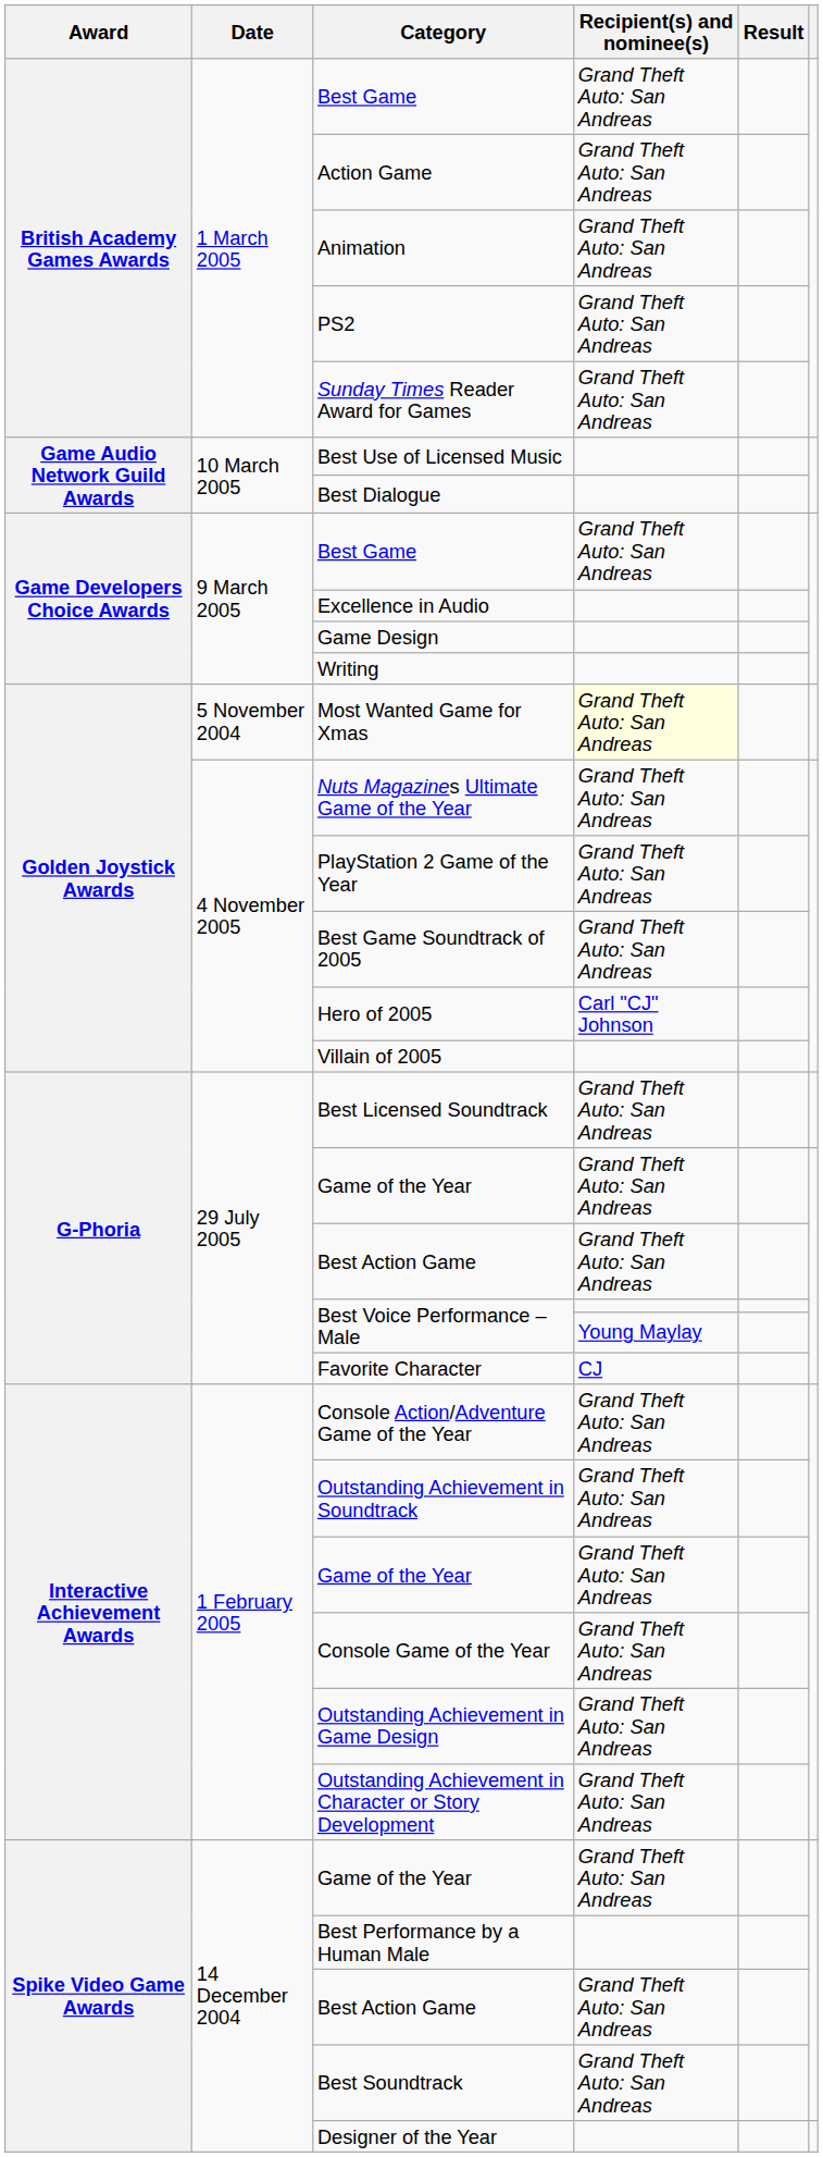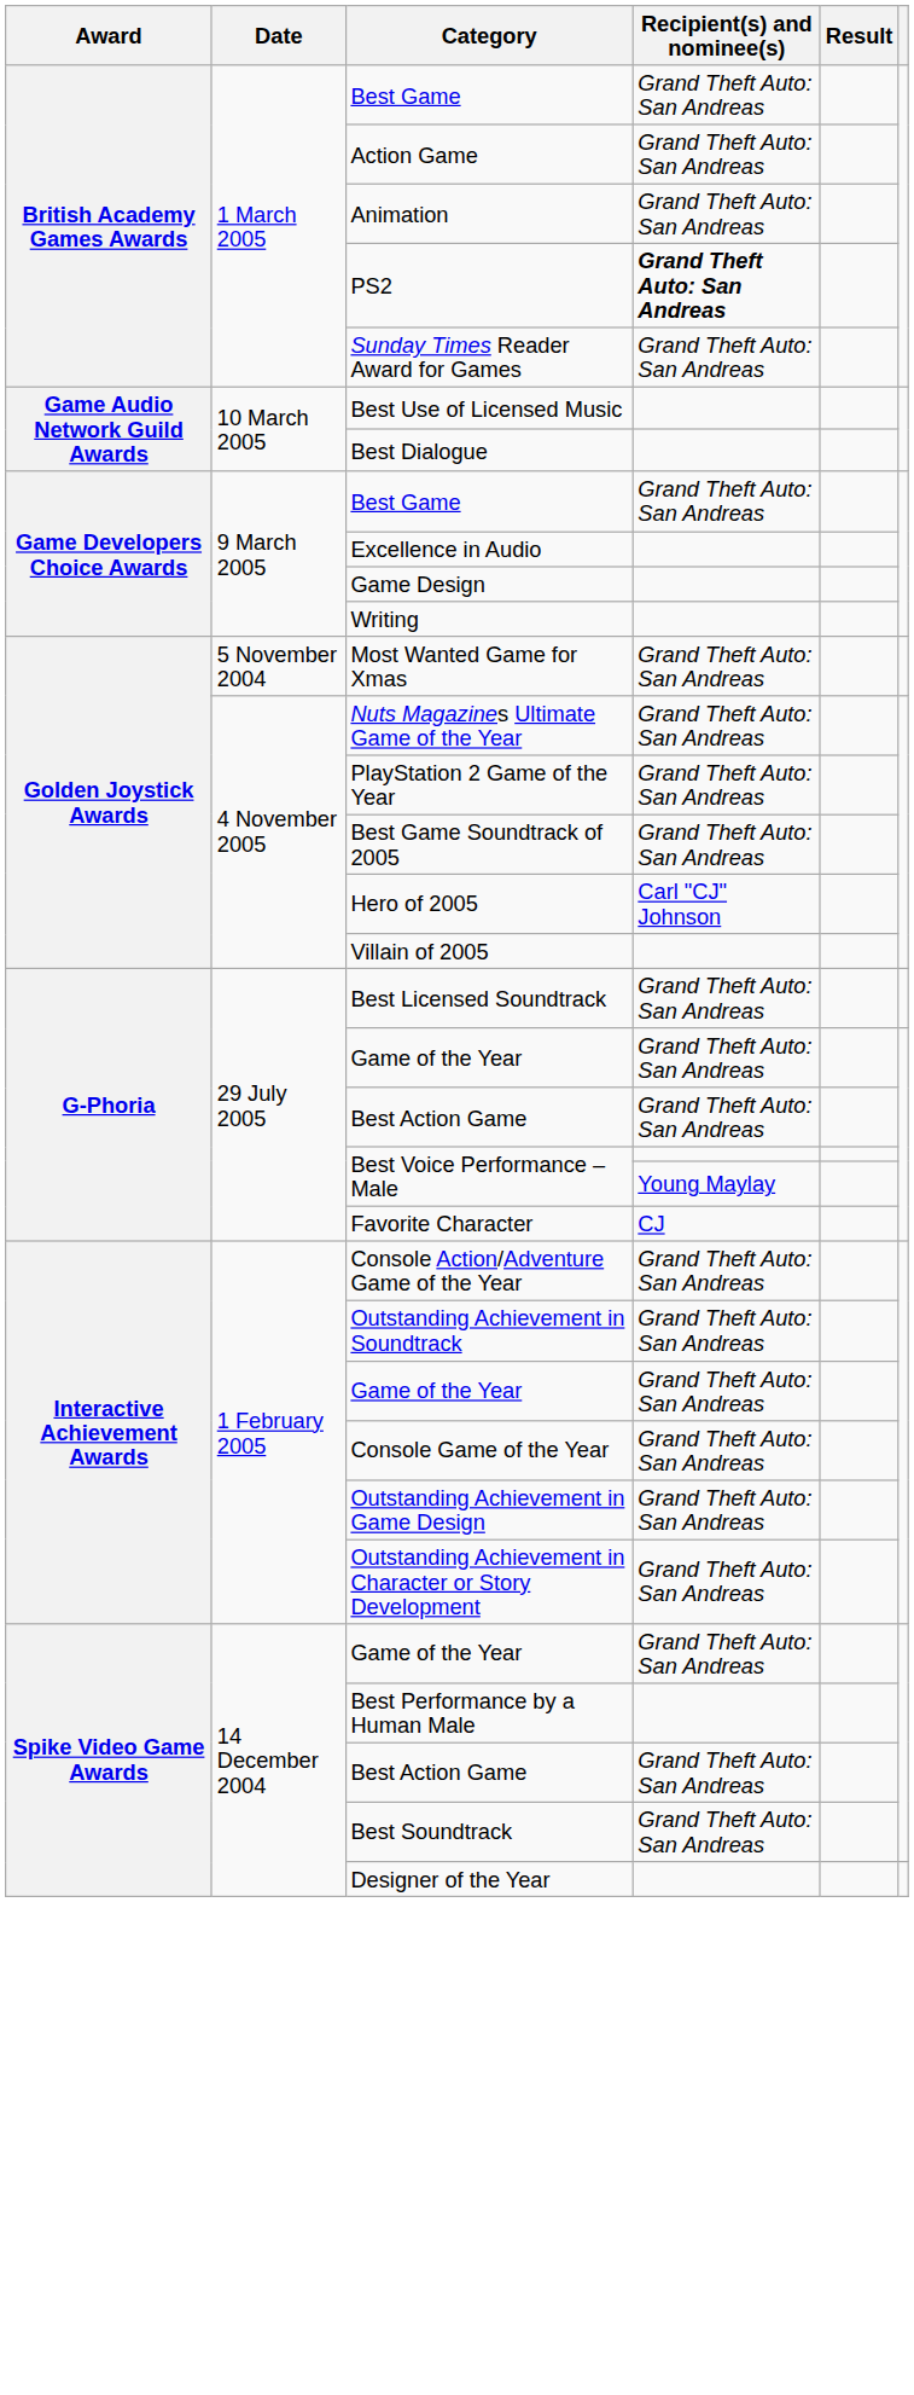 <table class="wikitable plainrowheaders sortable" style="font-size: 95%; width: 100%;">
 <tr>
 <th scope="col">Award</th>
 <th scope="col">Date</th>
 <th scope="col">Category</th>
 <th scope="col">Recipient(s) and nominee(s)</th>
 <th scope="col">Result</th>
 <th scope="col" class="unsortable"></th>
 </tr>
 <tr>
 <th scope="row" rowspan="5"><a href='#'>British Academy Games Awards</a></th>
 <td rowspan="5"><a href='#'>1 March 2005</a></td>
 <td><a href='#'>Best Game</a></td>
 <td><em>Grand Theft Auto: San Andreas</em></td>
 <td></td>
 <td style="text-align:center;" rowspan="5"></td>
 </tr>
 <tr>
 <td>Action Game</td>
 <td><em>Grand Theft Auto: San Andreas</em></td>
 <td></td>
 </tr>
 <tr>
 <td>Animation</td>
 <td><em>Grand Theft Auto: San Andreas</em></td>
 <td></td>
 </tr>
 <tr>
 <td>PS2</td>
-<td><em>Grand Theft Auto: San Andreas</em></td>
+<td><strong><em>Grand Theft Auto: San Andreas</em></strong></td>
 <td></td>
 </tr>
 <tr>
 <td><em><a href='#'>Sunday Times</a></em> Reader Award for Games</td>
 <td><em>Grand Theft Auto: San Andreas</em></td>
 <td></td>
 </tr>
 <tr>
 <th scope="row" rowspan="2"><a href='#'>Game Audio Network Guild Awards</a></th>
 <td rowspan="2">10 March 2005</td>
 <td>Best Use of Licensed Music</td>
 <td></td>
 <td></td>
 <td style="text-align:center;" rowspan="2"></td>
 </tr>
 <tr>
 <td>Best Dialogue</td>
 <td></td>
 <td></td>
 </tr>
 <tr>
 <th scope="row" rowspan="4"><a href='#'>Game Developers Choice Awards</a></th>
 <td rowspan="4">9 March 2005</td>
 <td><a href='#'>Best Game</a></td>
 <td><em>Grand Theft Auto: San Andreas</em></td>
 <td></td>
 <td style="text-align:center;" rowspan="4"></td>
 </tr>
 <tr>
 <td>Excellence in Audio</td>
 <td></td>
 <td></td>
 </tr>
 <tr>
 <td>Game Design</td>
 <td></td>
 <td></td>
 </tr>
 <tr>
 <td>Writing</td>
 <td></td>
 <td></td>
 </tr>
 <tr>
 <th scope="row" rowspan="6"><a href='#'>Golden Joystick Awards</a></th>
 <td>5 November 2004</td>
 <td>Most Wanted Game for Xmas</td>
-<td style="background: lightyellow;"><em>Grand Theft Auto: San Andreas</em></td>
+<td><em>Grand Theft Auto: San Andreas</em></td>
 <td></td>
 <td style="text-align:center;"></td>
 </tr>
 <tr>
 <td rowspan="5">4 November 2005</td>
 <td><em><a href='#'>Nuts Magazine</a></em>s <a href='#'>Ultimate Game of the Year</a></td>
 <td><em>Grand Theft Auto: San Andreas</em></td>
 <td></td>
 <td style="text-align:center;" rowspan="5"></td>
 </tr>
 <tr>
 <td>PlayStation 2 Game of the Year</td>
 <td><em>Grand Theft Auto: San Andreas</em></td>
 <td></td>
 </tr>
 <tr>
 <td>Best Game Soundtrack of 2005</td>
 <td><em>Grand Theft Auto: San Andreas</em></td>
 <td></td>
 </tr>
 <tr>
 <td>Hero of 2005</td>
 <td><a href='#'>Carl "CJ" Johnson</a></td>
 <td></td>
 </tr>
 <tr>
 <td>Villain of 2005</td>
 <td></td>
 <td></td>
 </tr>
 <tr>
 <th scope="row" rowspan="6"><a href='#'>G-Phoria</a></th>
 <td rowspan="6">29 July 2005</td>
 <td>Best Licensed Soundtrack</td>
 <td><em>Grand Theft Auto: San Andreas</em></td>
 <td></td>
 <td style="text-align:center;"></td>
 </tr>
 <tr>
 <td>Game of the Year</td>
 <td><em>Grand Theft Auto: San Andreas</em></td>
 <td></td>
 <td style="text-align:center;" rowspan="5"></td>
 </tr>
 <tr>
 <td>Best Action Game</td>
 <td><em>Grand Theft Auto: San Andreas</em></td>
 <td></td>
 </tr>
 <tr>
 <td rowspan="2">Best Voice Performance – Male</td>
 <td></td>
 <td></td>
 </tr>
 <tr>
 <td><a href='#'>Young Maylay</a></td>
 <td></td>
 </tr>
 <tr>
 <td>Favorite Character</td>
 <td><a href='#'>CJ</a></td>
 <td></td>
 </tr>
 <tr>
 <th scope="row" rowspan="6"><a href='#'>Interactive Achievement Awards</a></th>
 <td rowspan="6"><a href='#'>1 February 2005</a></td>
 <td>Console <a href='#'>Action</a>/<a href='#'>Adventure</a> Game of the Year</td>
 <td><em>Grand Theft Auto: San Andreas</em></td>
 <td></td>
 <td style="text-align:center;" rowspan="6"></td>
 </tr>
 <tr>
 <td><a href='#'>Outstanding Achievement in Soundtrack</a></td>
 <td><em>Grand Theft Auto: San Andreas</em></td>
 <td></td>
 </tr>
 <tr>
 <td><a href='#'>Game of the Year</a></td>
 <td><em>Grand Theft Auto: San Andreas</em></td>
 <td></td>
 </tr>
 <tr>
 <td>Console Game of the Year</td>
 <td><em>Grand Theft Auto: San Andreas</em></td>
 <td></td>
 </tr>
 <tr>
 <td><a href='#'>Outstanding Achievement in Game Design</a></td>
 <td><em>Grand Theft Auto: San Andreas</em></td>
 <td></td>
 </tr>
 <tr>
 <td><a href='#'>Outstanding Achievement in Character or Story Development</a></td>
 <td><em>Grand Theft Auto: San Andreas</em></td>
 <td></td>
 </tr>
 <tr>
 <th scope="row" rowspan="5"><a href='#'>Spike Video Game Awards</a></th>
 <td rowspan="5">14 December 2004</td>
 <td>Game of the Year</td>
 <td><em>Grand Theft Auto: San Andreas</em></td>
 <td></td>
 <td style="text-align:center;" rowspan="4"></td>
 </tr>
 <tr>
 <td>Best Performance by a Human Male</td>
 <td></td>
 <td></td>
 </tr>
 <tr>
 <td>Best Action Game</td>
 <td><em>Grand Theft Auto: San Andreas</em></td>
 <td></td>
 </tr>
 <tr>
 <td>Best Soundtrack</td>
 <td><em>Grand Theft Auto: San Andreas</em></td>
 <td></td>
 </tr>
 <tr>
 <td>Designer of the Year</td>
 <td></td>
 <td></td>
 <td style="text-align:center;"></td>
 </tr>
 </table>
